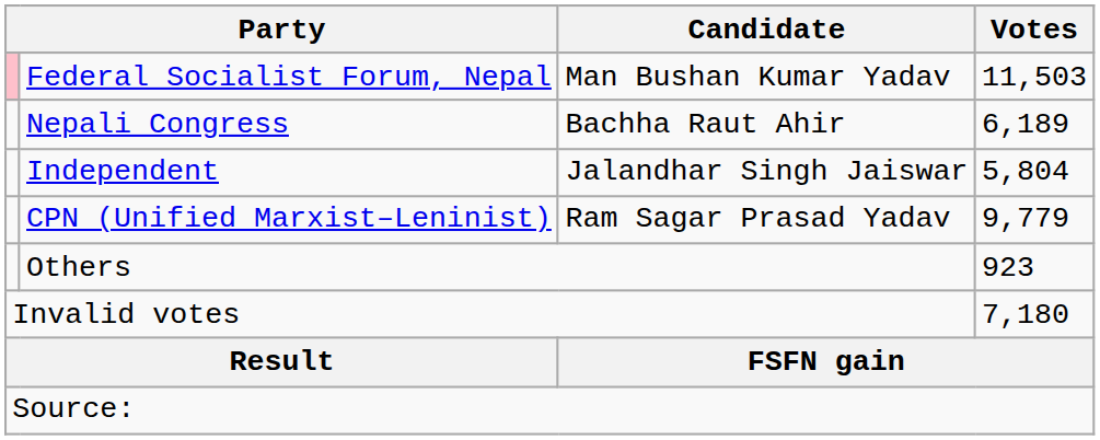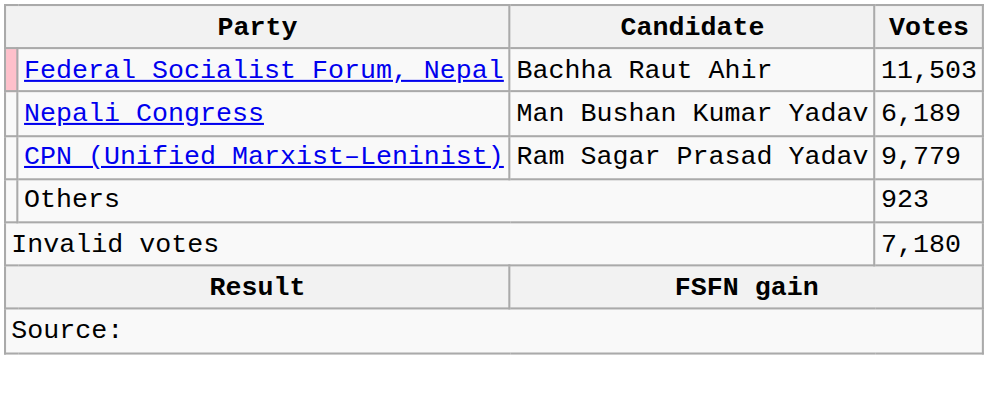 <table class="wikitable">
 <tr>
 <th colspan="2">Party</th>
 <th>Candidate</th>
 <th>Votes</th>
 </tr>
 <tr>
 <td style="background-color:pink"></td>
 <td><a href='#'>Federal Socialist Forum, Nepal</a></td>
-<td>Man Bushan Kumar Yadav</td>
+<td>Bachha Raut Ahir</td>
 <td>11,503</td>
 </tr>
 <tr>
 <td style="background-color:"></td>
 <td><a href='#'>Nepali Congress</a></td>
-<td>Bachha Raut Ahir</td>
+<td>Man Bushan Kumar Yadav</td>
 <td>6,189</td>
-</tr>
-<tr>
-<td style="background-color:"></td>
-<td><a href='#'>Independent</a></td>
-<td>Jalandhar Singh Jaiswar</td>
-<td>5,804</td>
 </tr>
 <tr>
 <td style="background-color:"></td>
 <td><a href='#'>CPN (Unified Marxist–Leninist)</a></td>
 <td>Ram Sagar Prasad Yadav</td>
 <td>9,779</td>
 </tr>
 <tr>
 <td></td>
 <td colspan="2">Others</td>
 <td>923</td>
 </tr>
 <tr>
 <td colspan="3">Invalid votes</td>
 <td>7,180</td>
 </tr>
 <tr>
 <th colspan="2">Result</th>
 <th colspan="2">FSFN gain</th>
 </tr>
 <tr>
 <td colspan="4">Source: </td>
 </tr>
 </table>
